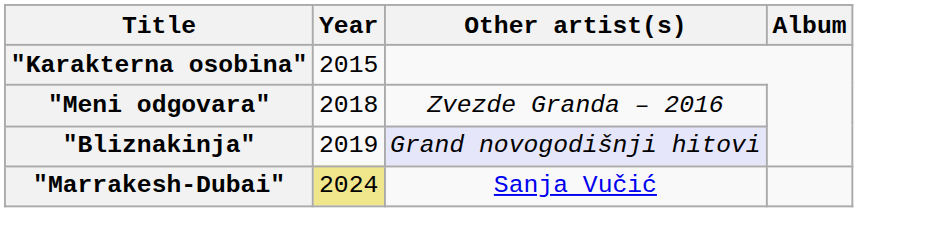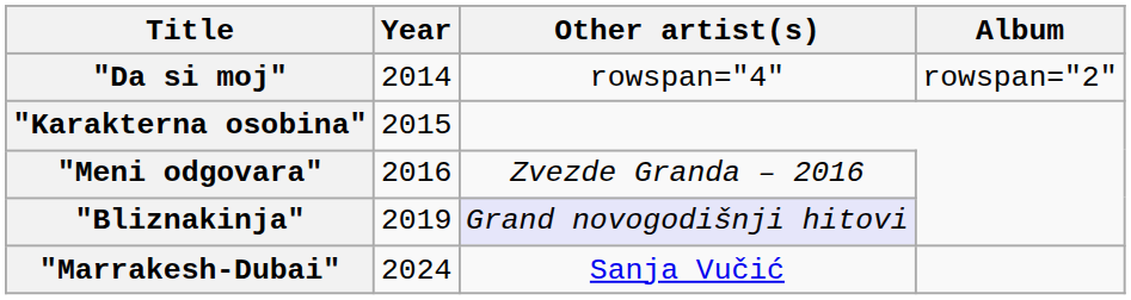 <table class="wikitable plainrowheaders" style="text-align:center;">
 <tr>
 <th scope="col">Title</th>
 <th scope="col">Year</th>
 <th scope="col">Other artist(s)</th>
 <th scope="col">Album</th>
 </tr>
 <tr>
+<th scope="row">"Da si moj"</th>
+<td>2014</td>
+<td>rowspan="4" </td>
+<td>rowspan="2" </td>
+</tr>
+<tr>
 <th scope="row">"Karakterna osobina"</th>
 <td>2015</td>
 </tr>
 <tr>
 <th scope="row">"Meni odgovara"</th>
-<td>2018</td>
+<td>2016</td>
 <td><em>Zvezde Granda – 2016</em></td>
 </tr>
 <tr>
 <th scope="row">"Bliznakinja"</th>
 <td>2019</td>
 <td style="background: lavender;"><em>Grand novogodišnji hitovi</em></td>
 </tr>
 <tr>
 <th scope="row">"Marrakesh-Dubai"</th>
-<td style="background: khaki;">2024</td>
+<td>2024</td>
 <td><a href='#'>Sanja Vučić</a></td>
 <td></td>
 </tr>
 </table>
